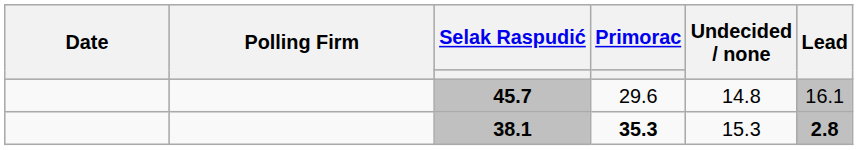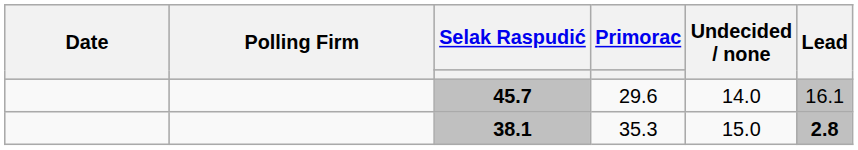 <table class="wikitable" style="text-align:center; font-size:80%">
 <tr style="height:42px;">
 <th style="width:100px;" rowspan="2">Date</th>
 <th style="width:165px;" rowspan="2">Polling Firm</th>
 <th><a href='#'>Selak Raspudić</a></th>
 <th><a href='#'>Primorac</a></th>
 <th style="width:40px;" rowspan="2">Undecided / none</th>
 <th style="width:20px;" rowspan="2">Lead</th>
 </tr>
 <tr>
 <th style="background:"></th>
 <th style="background:"></th>
 </tr>
 <tr>
 <td></td>
 <td></td>
 <td style="background:#C0C0C0"><strong>45.7</strong></td>
 <td>29.6</td>
-<td>14.8</td>
+<td>14.0</td>
 <td style="background:#C0C0C0; color:black;">16.1</td>
 </tr>
 <tr>
 <td></td>
 <td></td>
 <td style="background:#C0C0C0"><strong>38.1</strong></td>
-<td><strong>35.3</strong></td>
-<td>15.3</td>
+<td>35.3</td>
+<td>15.0</td>
 <td style="background:#C0C0C0; color:black;"><strong>2.8</strong></td>
 </tr>
 </table>
